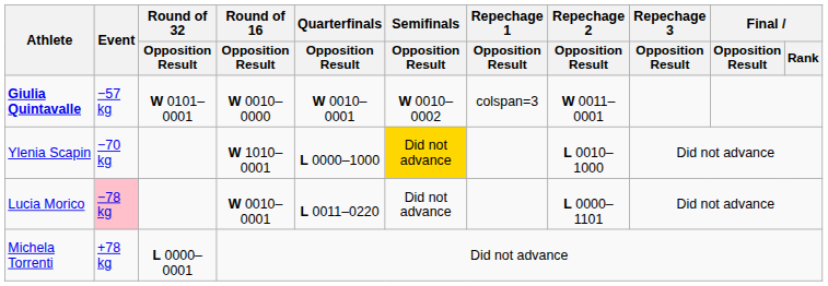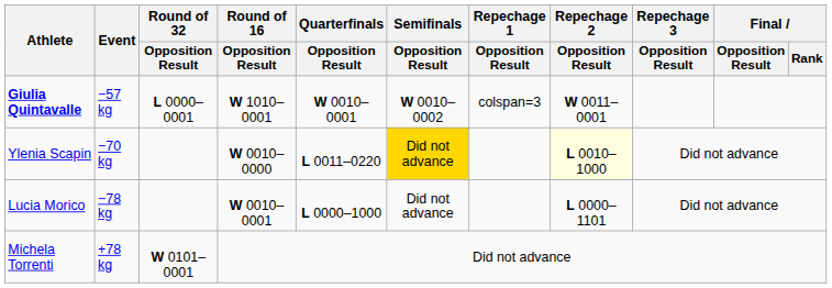 <table class="wikitable" style="font-size:90%">
 <tr>
 <th rowspan="2">Athlete</th>
 <th rowspan="2">Event</th>
 <th>Round of 32</th>
 <th>Round of 16</th>
 <th>Quarterfinals</th>
 <th>Semifinals</th>
 <th>Repechage 1</th>
 <th>Repechage 2</th>
 <th>Repechage 3</th>
 <th colspan=2>Final / </th>
 </tr>
 <tr style="font-size:95%">
 <th>Opposition<br>Result</th>
 <th>Opposition<br>Result</th>
 <th>Opposition<br>Result</th>
 <th>Opposition<br>Result</th>
 <th>Opposition<br>Result</th>
 <th>Opposition<br>Result</th>
 <th>Opposition<br>Result</th>
 <th>Opposition<br>Result</th>
 <th>Rank</th>
 </tr>
 <tr align=center>
 <td align=left><strong><a href='#'>Giulia Quintavalle</a></strong></td>
 <td align=left><a href='#'>−57 kg</a></td>
-<td><br><strong>W</strong> 0101–0001</td>
-<td><br><strong>W</strong> 0010–0000</td>
+<td><br><strong>L</strong> 0000–0001</td>
+<td><br><strong>W</strong> 1010–0001</td>
 <td><br><strong>W</strong> 0010–0001</td>
 <td><br><strong>W</strong> 0010–0002</td>
 <td>colspan=3 </td>
 <td><br><strong>W</strong> 0011–0001</td>
 <td></td>
 </tr>
 <tr align=center>
 <td align=left><a href='#'>Ylenia Scapin</a></td>
 <td align=left><a href='#'>−70 kg</a></td>
 <td></td>
-<td><br><strong>W</strong> 1010–0001</td>
-<td><br><strong>L</strong> 0000–1000</td>
+<td><br><strong>W</strong> 0010–0000</td>
+<td><br><strong>L</strong> 0011–0220</td>
 <td style="background: gold;">Did not advance</td>
 <td></td>
-<td><br><strong>L</strong> 0010–1000</td>
+<td style="background: lightyellow;"><br><strong>L</strong> 0010–1000</td>
 <td colspan=3>Did not advance</td>
 </tr>
 <tr align=center>
 <td align=left><a href='#'>Lucia Morico</a></td>
-<td align=left style="background: pink;"><a href='#'>−78 kg</a></td>
+<td align=left><a href='#'>−78 kg</a></td>
 <td></td>
 <td><br><strong>W</strong> 0010–0001</td>
-<td><br><strong>L</strong> 0011–0220</td>
+<td><br><strong>L</strong> 0000–1000</td>
 <td>Did not advance</td>
 <td></td>
 <td><br><strong>L</strong> 0000–1101</td>
 <td colspan=3>Did not advance</td>
 </tr>
 <tr align=center>
 <td align=left><a href='#'>Michela Torrenti</a></td>
 <td align=left><a href='#'>+78 kg</a></td>
-<td><br><strong>L</strong> 0000–0001</td>
+<td><br><strong>W</strong> 0101–0001</td>
 <td colspan=8>Did not advance</td>
 </tr>
 </table>
